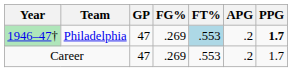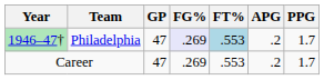 <table class="wikitable sortable" style="font-size:95%; text-align:right;">
 <tr>
 <th>Year</th>
 <th>Team</th>
 <th>GP</th>
 <th>FG%</th>
 <th>FT%</th>
 <th>APG</th>
 <th>PPG</th>
 </tr>
 <tr>
 <td style="text-align:left;background:#afe6ba;"><a href='#'>1946–47</a>†</td>
 <td style="text-align:left;"><a href='#'>Philadelphia</a></td>
 <td>47</td>
-<td>.269</td>
+<td style="background: lavender;">.269</td>
 <td style="background: lightblue;">.553</td>
 <td>.2</td>
-<td><strong>1.7</strong></td>
+<td>1.7</td>
 </tr>
 <tr>
 <td style="text-align:center;" colspan="2">Career</td>
 <td>47</td>
 <td>.269</td>
 <td>.553</td>
 <td>.2</td>
 <td>1.7</td>
 </tr>
 </table>
